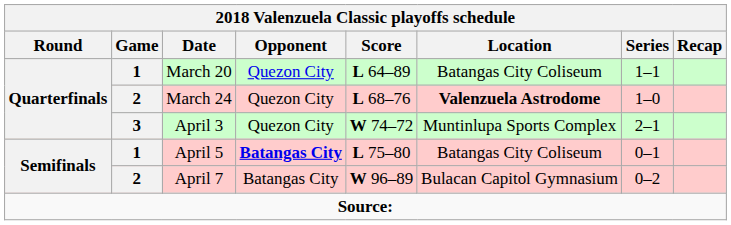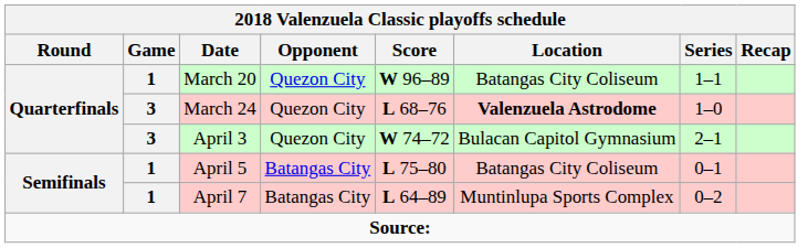 <table class="wikitable" style="text-align:center">
 <tr>
 <th colspan=8>2018 Valenzuela Classic playoffs schedule</th>
 </tr>
 <tr>
 <th>Round</th>
 <th>Game</th>
 <th>Date</th>
 <th>Opponent</th>
 <th>Score</th>
 <th>Location</th>
 <th>Series</th>
 <th>Recap</th>
 </tr>
 <tr style="background:#cfc">
 <th rowspan=3>Quarterfinals</th>
 <th>1</th>
 <td>March 20</td>
 <td><a href='#'>Quezon City</a></td>
-<td><strong>L</strong> 64–89</td>
+<td><strong>W</strong> 96–89</td>
 <td>Batangas City Coliseum</td>
 <td>1–1</td>
 <td></td>
 </tr>
 <tr style="background:#fcc">
-<th>2</th>
+<th>3</th>
 <td>March 24</td>
 <td>Quezon City</td>
 <td><strong>L</strong> 68–76</td>
 <td><strong>Valenzuela Astrodome</strong></td>
 <td>1–0</td>
 <td></td>
 </tr>
 <tr style="background:#cfc">
 <th>3</th>
 <td>April 3</td>
 <td>Quezon City</td>
 <td><strong>W</strong> 74–72</td>
-<td>Muntinlupa Sports Complex</td>
+<td>Bulacan Capitol Gymnasium</td>
 <td>2–1</td>
 <td></td>
 </tr>
 <tr style="background:#fcc">
 <th rowspan=2>Semifinals</th>
 <th>1</th>
 <td>April 5</td>
-<td><strong><a href='#'>Batangas City</a></strong></td>
+<td><a href='#'>Batangas City</a></td>
 <td><strong>L</strong> 75–80</td>
 <td>Batangas City Coliseum</td>
 <td>0–1</td>
 <td></td>
 </tr>
 <tr style="background:#fcc">
-<th>2</th>
+<th>1</th>
 <td>April 7</td>
 <td>Batangas City</td>
-<td><strong>W</strong> 96–89</td>
-<td>Bulacan Capitol Gymnasium</td>
+<td><strong>L</strong> 64–89</td>
+<td>Muntinlupa Sports Complex</td>
 <td>0–2</td>
 <td></td>
 </tr>
 <tr>
 <td colspan=8 align=center><strong>Source: </strong></td>
 </tr>
 </table>
